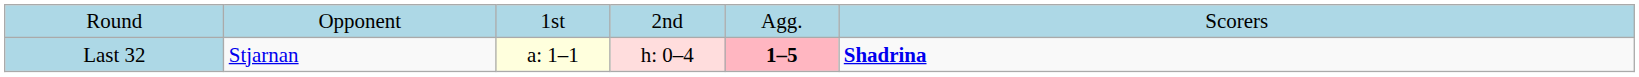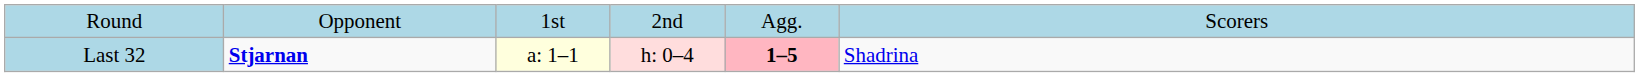 <table class="wikitable" style="text-align:center">
 <tr bgcolor=lightblue>
 <td width=160px>Round</td>
 <td width=200px>Opponent</td>
 <td width=80px>1st</td>
 <td width=80px>2nd</td>
 <td width=80px>Agg.</td>
 <td width=600px>Scorers</td>
 </tr>
 <tr>
 <td bgcolor=lightblue>Last 32</td>
-<td align=left> <a href='#'>Stjarnan</a></td>
+<td align=left><strong> <a href='#'>Stjarnan</a></strong></td>
 <td bgcolor=#ffffdd>a: 1–1</td>
 <td bgcolor="#ffdddd">h: 0–4</td>
 <td bgcolor=lightpink><strong>1–5</strong></td>
-<td align=left><strong><a href='#'>Shadrina</a></strong></td>
+<td align=left><a href='#'>Shadrina</a></td>
 </tr>
 </table>
